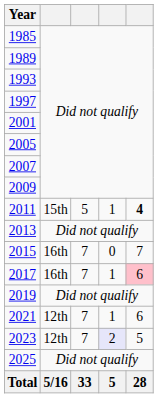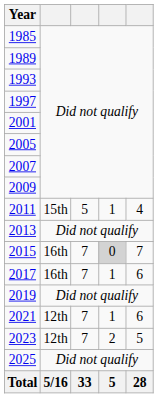 <table class="wikitable" style="text-align:center">
 <tr>
 <th>Year</th>
 <th></th>
 <th width=25></th>
 <th width=25></th>
 <th width=25></th>
 </tr>
 <tr>
 <td> <a href='#'>1985</a></td>
 <td colspan=4 rowspan=8><em>Did not qualify</em></td>
 </tr>
 <tr>
 <td> <a href='#'>1989</a></td>
 </tr>
 <tr>
 <td> <a href='#'>1993</a></td>
 </tr>
 <tr>
 <td> <a href='#'>1997</a></td>
 </tr>
 <tr>
 <td> <a href='#'>2001</a></td>
 </tr>
 <tr>
 <td> <a href='#'>2005</a></td>
 </tr>
 <tr>
 <td> <a href='#'>2007</a></td>
 </tr>
 <tr>
 <td> <a href='#'>2009</a></td>
 </tr>
 <tr>
 <td> <a href='#'>2011</a></td>
 <td>15th</td>
 <td>5</td>
 <td>1</td>
-<td><strong>4</strong></td>
+<td>4</td>
 </tr>
 <tr>
 <td> <a href='#'>2013</a></td>
 <td colspan=4><em>Did not qualify</em></td>
 </tr>
 <tr>
 <td> <a href='#'>2015</a></td>
 <td>16th</td>
 <td>7</td>
-<td>0</td>
+<td style="background: lightgrey;">0</td>
 <td>7</td>
 </tr>
 <tr>
 <td> <a href='#'>2017</a></td>
 <td>16th</td>
 <td>7</td>
 <td>1</td>
-<td style="background: pink;">6</td>
+<td>6</td>
 </tr>
 <tr>
 <td> <a href='#'>2019</a></td>
 <td colspan=4><em>Did not qualify</em></td>
 </tr>
 <tr>
 <td> <a href='#'>2021</a></td>
 <td>12th</td>
 <td>7</td>
 <td>1</td>
 <td>6</td>
 </tr>
 <tr>
 <td> <a href='#'>2023</a></td>
 <td>12th</td>
 <td>7</td>
-<td style="background: lavender;">2</td>
+<td>2</td>
 <td>5</td>
 </tr>
 <tr>
 <td> <a href='#'>2025</a></td>
 <td colspan=4><em>Did not qualify</em></td>
 </tr>
 <tr>
 <th>Total</th>
 <th>5/16</th>
 <th>33</th>
 <th>5</th>
 <th>28</th>
 </tr>
 </table>
